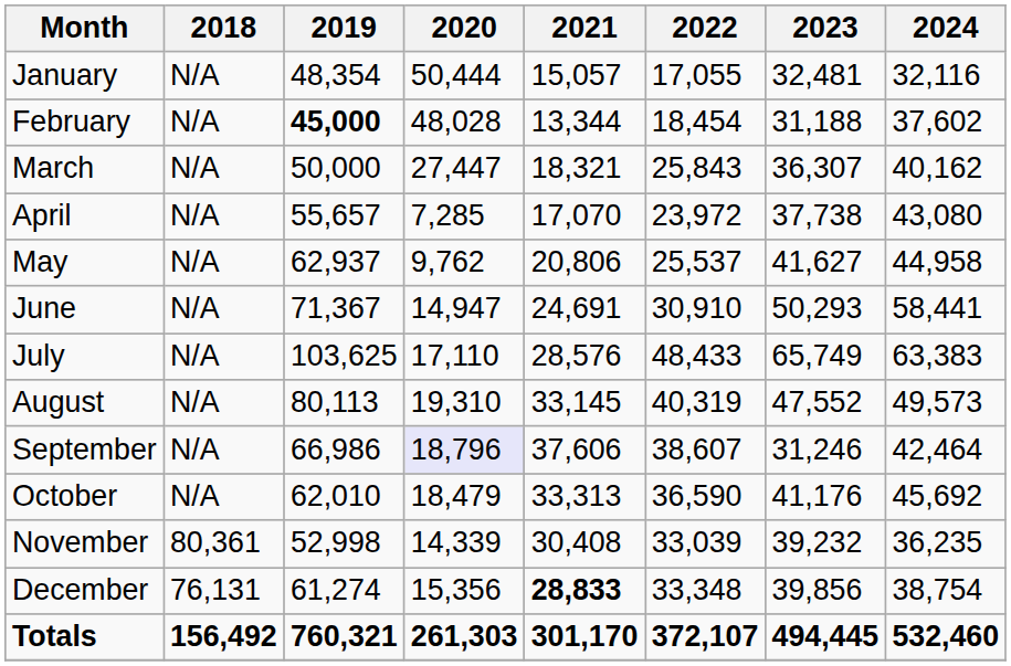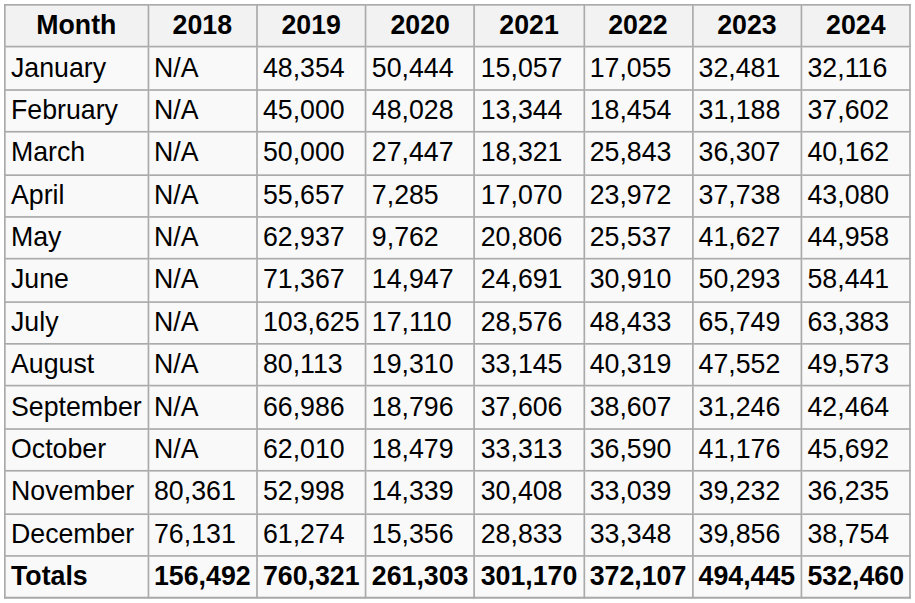 <table class="wikitable">
 <tr>
 <th>Month</th>
 <th>2018</th>
 <th>2019</th>
 <th>2020</th>
 <th>2021</th>
 <th>2022</th>
 <th>2023</th>
 <th>2024</th>
 </tr>
 <tr>
 <td>January</td>
 <td>N/A</td>
 <td>48,354</td>
 <td>50,444</td>
 <td>15,057</td>
 <td>17,055</td>
 <td>32,481</td>
 <td>32,116</td>
 </tr>
 <tr>
 <td>February</td>
 <td>N/A</td>
-<td><strong>45,000</strong></td>
+<td>45,000</td>
 <td>48,028</td>
 <td>13,344</td>
 <td>18,454</td>
 <td>31,188</td>
 <td>37,602</td>
 </tr>
 <tr>
 <td>March</td>
 <td>N/A</td>
 <td>50,000</td>
 <td>27,447</td>
 <td>18,321</td>
 <td>25,843</td>
 <td>36,307</td>
 <td>40,162</td>
 </tr>
 <tr>
 <td>April</td>
 <td>N/A</td>
 <td>55,657</td>
 <td>7,285</td>
 <td>17,070</td>
 <td>23,972</td>
 <td>37,738</td>
 <td>43,080</td>
 </tr>
 <tr>
 <td>May</td>
 <td>N/A</td>
 <td>62,937</td>
 <td>9,762</td>
 <td>20,806</td>
 <td>25,537</td>
 <td>41,627</td>
 <td>44,958</td>
 </tr>
 <tr>
 <td>June</td>
 <td>N/A</td>
 <td>71,367</td>
 <td>14,947</td>
 <td>24,691</td>
 <td>30,910</td>
 <td>50,293</td>
 <td>58,441</td>
 </tr>
 <tr>
 <td>July</td>
 <td>N/A</td>
 <td>103,625</td>
 <td>17,110</td>
 <td>28,576</td>
 <td>48,433</td>
 <td>65,749</td>
 <td>63,383</td>
 </tr>
 <tr>
 <td>August</td>
 <td>N/A</td>
 <td>80,113</td>
 <td>19,310</td>
 <td>33,145</td>
 <td>40,319</td>
 <td>47,552</td>
 <td>49,573</td>
 </tr>
 <tr>
 <td>September</td>
 <td>N/A</td>
 <td>66,986</td>
-<td style="background: lavender;">18,796</td>
+<td>18,796</td>
 <td>37,606</td>
 <td>38,607</td>
 <td>31,246</td>
 <td>42,464</td>
 </tr>
 <tr>
 <td>October</td>
 <td>N/A</td>
 <td>62,010</td>
 <td>18,479</td>
 <td>33,313</td>
 <td>36,590</td>
 <td>41,176</td>
 <td>45,692</td>
 </tr>
 <tr>
 <td>November</td>
 <td>80,361</td>
 <td>52,998</td>
 <td>14,339</td>
 <td>30,408</td>
 <td>33,039</td>
 <td>39,232</td>
 <td>36,235</td>
 </tr>
 <tr>
 <td>December</td>
 <td>76,131</td>
 <td>61,274</td>
 <td>15,356</td>
-<td><strong>28,833</strong></td>
+<td>28,833</td>
 <td>33,348</td>
 <td>39,856</td>
 <td>38,754</td>
 </tr>
 <tr>
 <td><strong>Totals</strong></td>
 <td><strong>156,492</strong></td>
 <td><strong>760,321</strong></td>
 <td><strong>261,303</strong></td>
 <td><strong>301,170</strong></td>
 <td><strong>372,107</strong></td>
 <td><strong>494,445</strong></td>
 <td><strong>532,460</strong></td>
 </tr>
 <tr>
 </tr>
 </table>
